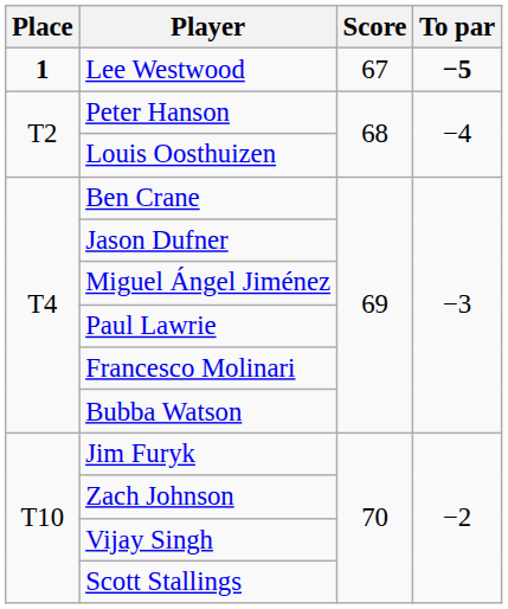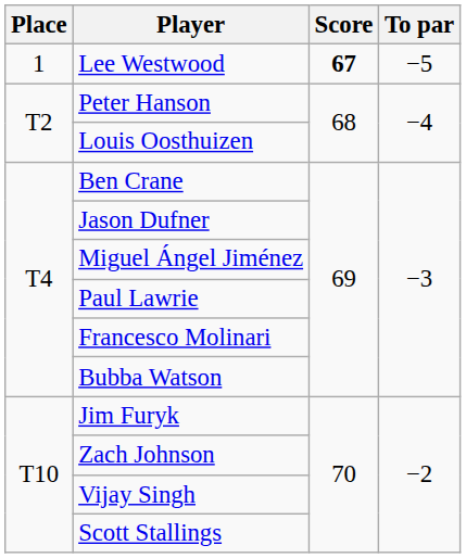 <table class="wikitable">
 <tr>
 <th>Place</th>
 <th>Player</th>
 <th>Score</th>
 <th>To par</th>
 </tr>
 <tr>
-<td style="text-align:center;"><strong>1</strong></td>
+<td style="text-align:center;">1</td>
 <td> <a href='#'>Lee Westwood</a></td>
-<td style="text-align:center;">67</td>
-<td style="text-align:center;"><strong>−5</strong></td>
+<td style="text-align:center;"><strong>67</strong></td>
+<td style="text-align:center;">−5</td>
 </tr>
 <tr>
 <td rowspan="2" style="text-align:center;">T2</td>
 <td> <a href='#'>Peter Hanson</a></td>
 <td rowspan="2" style="text-align:center;">68</td>
 <td rowspan="2" style="text-align:center;">−4</td>
 </tr>
 <tr>
 <td> <a href='#'>Louis Oosthuizen</a></td>
 </tr>
 <tr>
 <td rowspan="6" style="text-align:center;">T4</td>
 <td> <a href='#'>Ben Crane</a></td>
 <td rowspan="6" style="text-align:center;">69</td>
 <td rowspan="6" style="text-align:center;">−3</td>
 </tr>
 <tr>
 <td> <a href='#'>Jason Dufner</a></td>
 </tr>
 <tr>
 <td> <a href='#'>Miguel Ángel Jiménez</a></td>
 </tr>
 <tr>
 <td> <a href='#'>Paul Lawrie</a></td>
 </tr>
 <tr>
 <td> <a href='#'>Francesco Molinari</a></td>
 </tr>
 <tr>
 <td> <a href='#'>Bubba Watson</a></td>
 </tr>
 <tr>
 <td rowspan="4" style="text-align:center;">T10</td>
 <td> <a href='#'>Jim Furyk</a></td>
 <td rowspan="4" style="text-align:center;">70</td>
 <td rowspan="4" style="text-align:center;">−2</td>
 </tr>
 <tr>
 <td> <a href='#'>Zach Johnson</a></td>
 </tr>
 <tr>
 <td> <a href='#'>Vijay Singh</a></td>
 </tr>
 <tr>
 <td> <a href='#'>Scott Stallings</a></td>
 </tr>
 </table>
